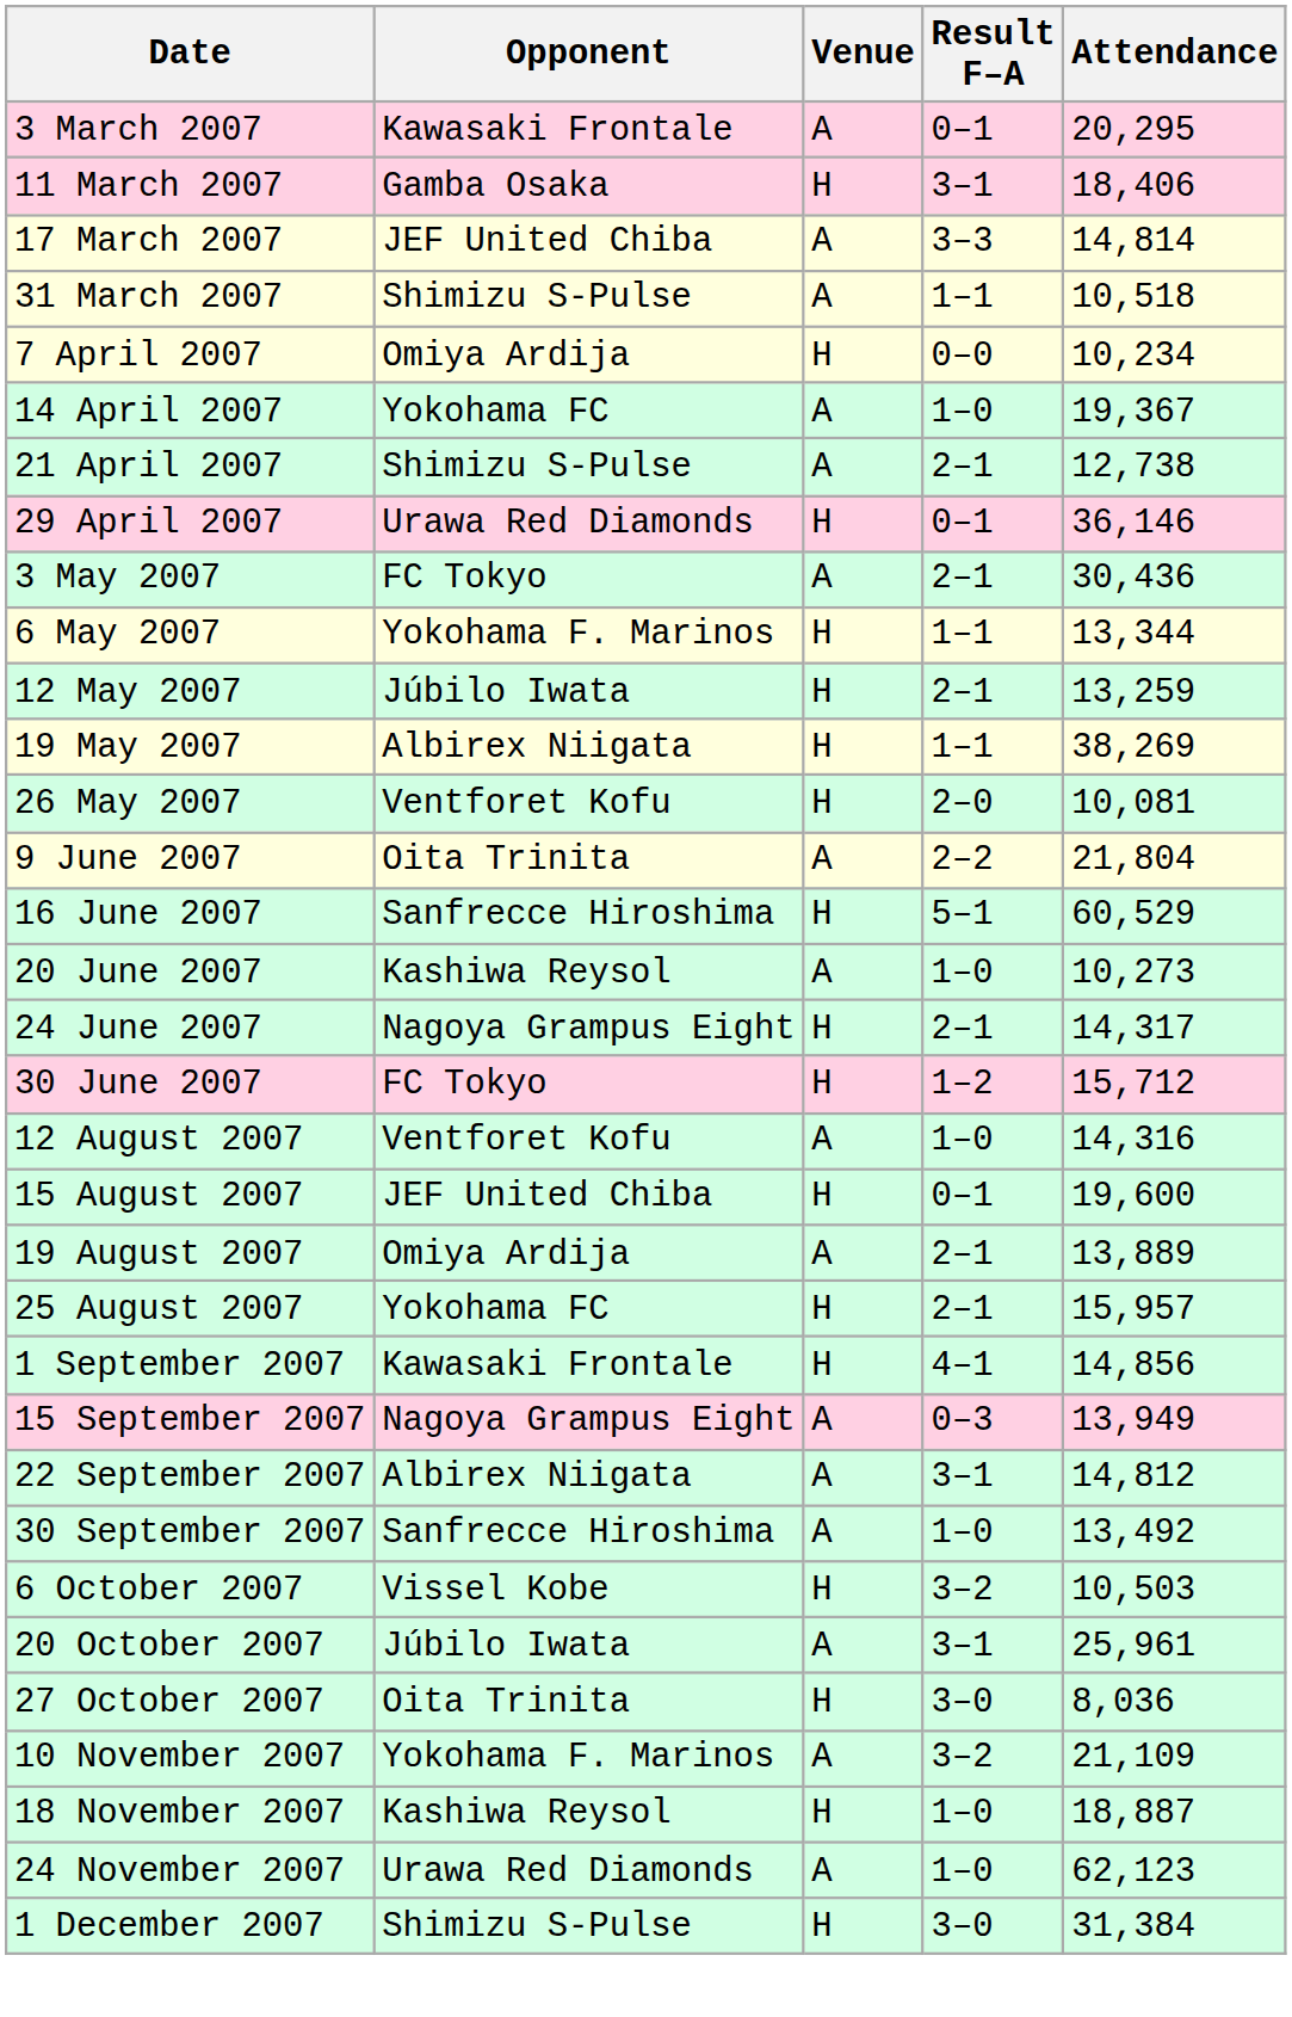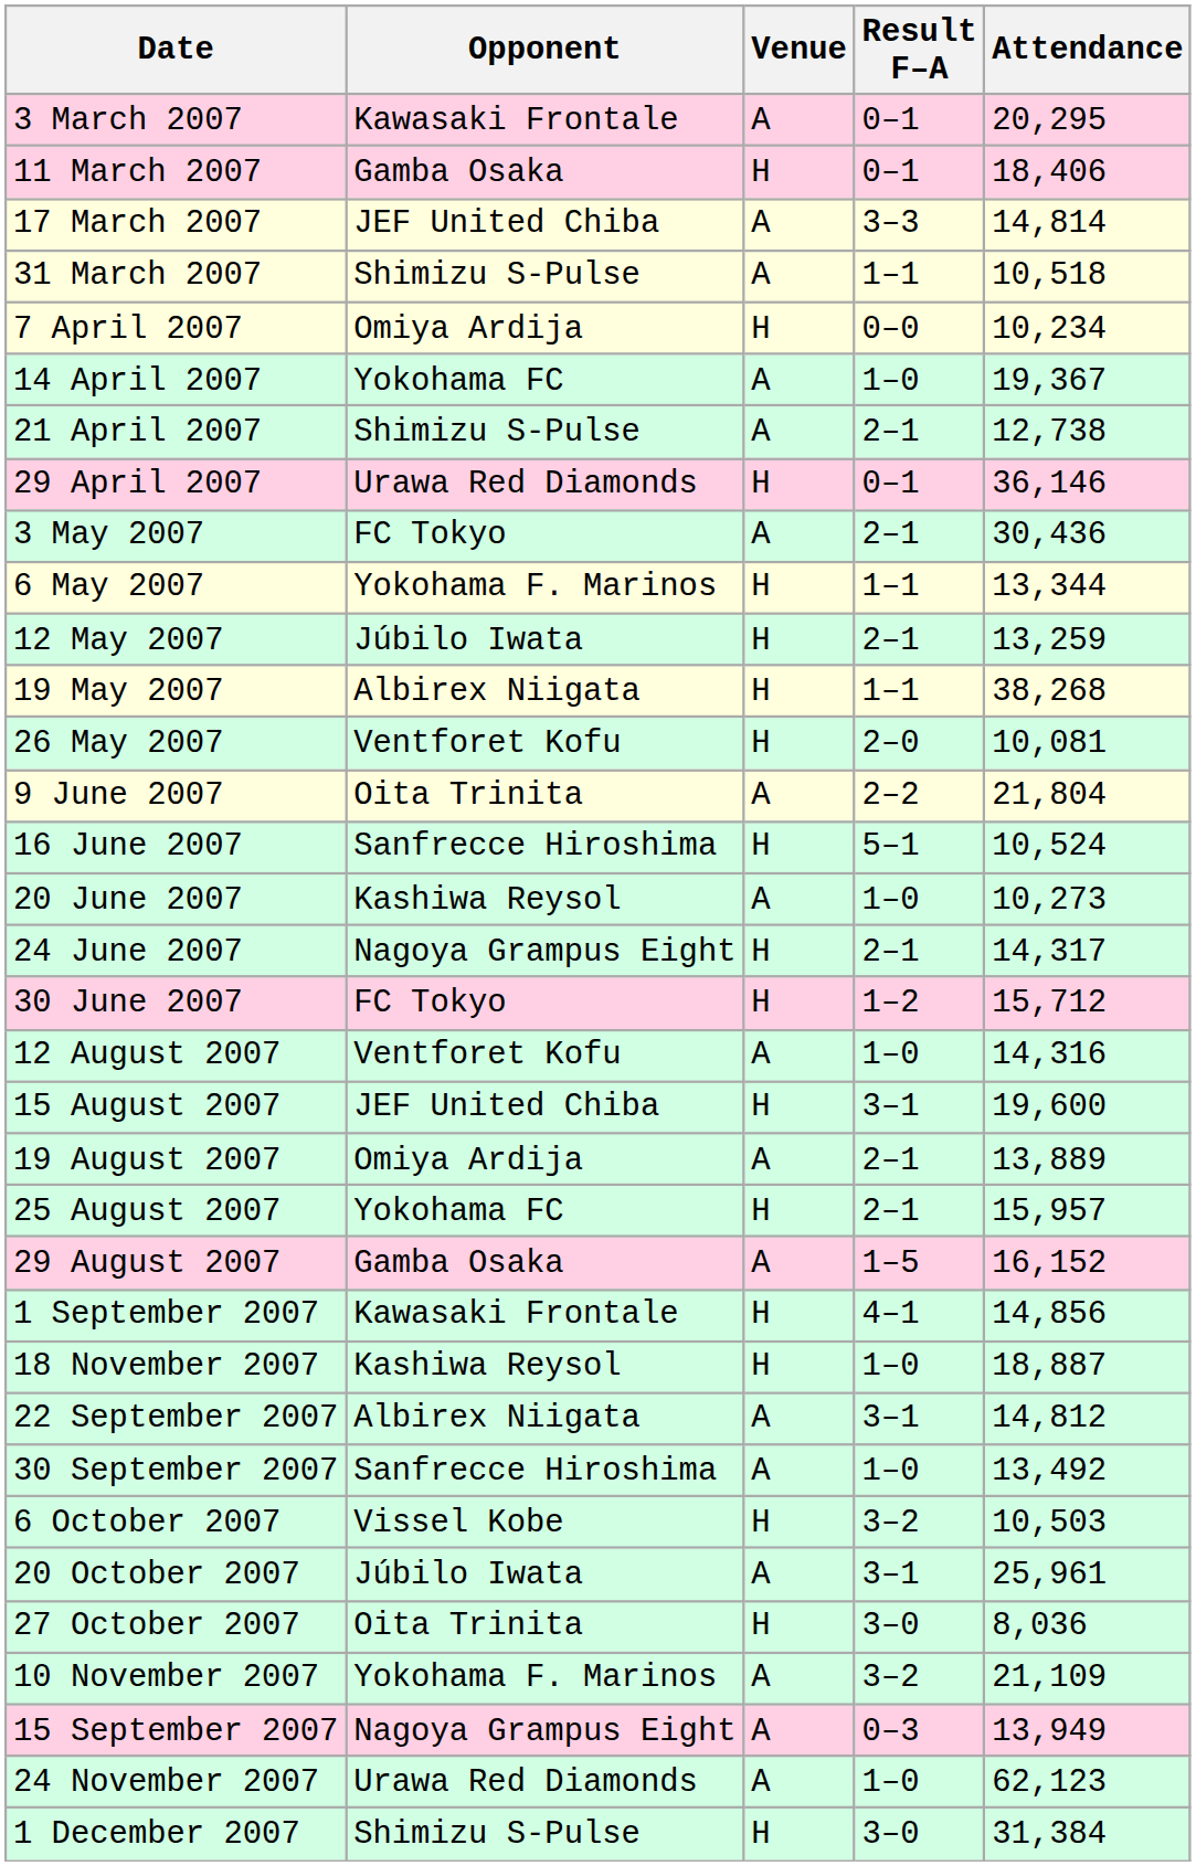 <table class="wikitable sortable">
 <tr>
 <th>Date</th>
 <th>Opponent</th>
 <th>Venue</th>
 <th>Result<br>F–A</th>
 <th>Attendance</th>
 </tr>
 <tr bgcolor="ffd0e3">
 <td>3 March 2007</td>
 <td>Kawasaki Frontale</td>
 <td>A</td>
 <td>0–1</td>
 <td>20,295</td>
 </tr>
 <tr bgcolor="ffd0e3">
 <td>11 March 2007</td>
 <td>Gamba Osaka</td>
 <td>H</td>
-<td>3–1</td>
+<td>0–1</td>
 <td>18,406</td>
 </tr>
 <tr bgcolor="ffffdd">
 <td>17 March 2007</td>
 <td>JEF United Chiba</td>
 <td>A</td>
 <td>3–3</td>
 <td>14,814</td>
 </tr>
 <tr bgcolor="ffffdd">
 <td>31 March 2007</td>
 <td>Shimizu S-Pulse</td>
 <td>A</td>
 <td>1–1</td>
 <td>10,518</td>
 </tr>
 <tr bgcolor="ffffdd">
 <td>7 April 2007</td>
 <td>Omiya Ardija</td>
 <td>H</td>
 <td>0–0</td>
 <td>10,234</td>
 </tr>
 <tr bgcolor="d0ffe3">
 <td>14 April 2007</td>
 <td>Yokohama FC</td>
 <td>A</td>
 <td>1–0</td>
 <td>19,367</td>
 </tr>
 <tr bgcolor="d0ffe3">
 <td>21 April 2007</td>
 <td>Shimizu S-Pulse</td>
 <td>A</td>
 <td>2–1</td>
 <td>12,738</td>
 </tr>
 <tr bgcolor="ffd0e3">
 <td>29 April 2007</td>
 <td>Urawa Red Diamonds</td>
 <td>H</td>
 <td>0–1</td>
 <td>36,146</td>
 </tr>
 <tr bgcolor="d0ffe3">
 <td>3 May 2007</td>
 <td>FC Tokyo</td>
 <td>A</td>
 <td>2–1</td>
 <td>30,436</td>
 </tr>
 <tr bgcolor="ffffdd">
 <td>6 May 2007</td>
 <td>Yokohama F. Marinos</td>
 <td>H</td>
 <td>1–1</td>
 <td>13,344</td>
 </tr>
 <tr bgcolor="d0ffe3">
 <td>12 May 2007</td>
 <td>Júbilo Iwata</td>
 <td>H</td>
 <td>2–1</td>
 <td>13,259</td>
 </tr>
 <tr bgcolor="ffffdd">
 <td>19 May 2007</td>
 <td>Albirex Niigata</td>
 <td>H</td>
 <td>1–1</td>
-<td>38,269</td>
+<td>38,268</td>
 </tr>
 <tr bgcolor="d0ffe3">
 <td>26 May 2007</td>
 <td>Ventforet Kofu</td>
 <td>H</td>
 <td>2–0</td>
 <td>10,081</td>
 </tr>
 <tr bgcolor="ffffdd">
 <td>9 June 2007</td>
 <td>Oita Trinita</td>
 <td>A</td>
 <td>2–2</td>
 <td>21,804</td>
 </tr>
 <tr bgcolor="d0ffe3">
 <td>16 June 2007</td>
 <td>Sanfrecce Hiroshima</td>
 <td>H</td>
 <td>5–1</td>
-<td>60,529</td>
+<td>10,524</td>
 </tr>
 <tr bgcolor="d0ffe3">
 <td>20 June 2007</td>
 <td>Kashiwa Reysol</td>
 <td>A</td>
 <td>1–0</td>
 <td>10,273</td>
 </tr>
 <tr bgcolor="d0ffe3">
 <td>24 June 2007</td>
 <td>Nagoya Grampus Eight</td>
 <td>H</td>
 <td>2–1</td>
 <td>14,317</td>
 </tr>
 <tr bgcolor="ffd0e3">
 <td>30 June 2007</td>
 <td>FC Tokyo</td>
 <td>H</td>
 <td>1–2</td>
 <td>15,712</td>
 </tr>
 <tr bgcolor="d0ffe3">
 <td>12 August 2007</td>
 <td>Ventforet Kofu</td>
 <td>A</td>
 <td>1–0</td>
 <td>14,316</td>
 </tr>
 <tr bgcolor="d0ffe3">
 <td>15 August 2007</td>
 <td>JEF United Chiba</td>
 <td>H</td>
-<td>0–1</td>
+<td>3–1</td>
 <td>19,600</td>
 </tr>
 <tr bgcolor="d0ffe3">
 <td>19 August 2007</td>
 <td>Omiya Ardija</td>
 <td>A</td>
 <td>2–1</td>
 <td>13,889</td>
 </tr>
 <tr bgcolor="d0ffe3">
 <td>25 August 2007</td>
 <td>Yokohama FC</td>
 <td>H</td>
 <td>2–1</td>
 <td>15,957</td>
 </tr>
+<tr bgcolor="ffd0e3">
+<td>29 August 2007</td>
+<td>Gamba Osaka</td>
+<td>A</td>
+<td>1–5</td>
+<td>16,152</td>
+</tr>
 <tr bgcolor="d0ffe3">
 <td>1 September 2007</td>
 <td>Kawasaki Frontale</td>
 <td>H</td>
 <td>4–1</td>
 <td>14,856</td>
 </tr>
-<tr bgcolor="ffd0e3">
-<td>15 September 2007</td>
-<td>Nagoya Grampus Eight</td>
-<td>A</td>
-<td>0–3</td>
-<td>13,949</td>
+<tr bgcolor="d0ffe3">
+<td>18 November 2007</td>
+<td>Kashiwa Reysol</td>
+<td>H</td>
+<td>1–0</td>
+<td>18,887</td>
 </tr>
 <tr bgcolor="d0ffe3">
 <td>22 September 2007</td>
 <td>Albirex Niigata</td>
 <td>A</td>
 <td>3–1</td>
 <td>14,812</td>
 </tr>
 <tr bgcolor="d0ffe3">
 <td>30 September 2007</td>
 <td>Sanfrecce Hiroshima</td>
 <td>A</td>
 <td>1–0</td>
 <td>13,492</td>
 </tr>
 <tr bgcolor="d0ffe3">
 <td>6 October 2007</td>
 <td>Vissel Kobe</td>
 <td>H</td>
 <td>3–2</td>
 <td>10,503</td>
 </tr>
 <tr bgcolor="d0ffe3">
 <td>20 October 2007</td>
 <td>Júbilo Iwata</td>
 <td>A</td>
 <td>3–1</td>
 <td>25,961</td>
 </tr>
 <tr bgcolor="d0ffe3">
 <td>27 October 2007</td>
 <td>Oita Trinita</td>
 <td>H</td>
 <td>3–0</td>
 <td>8,036</td>
 </tr>
 <tr bgcolor="d0ffe3">
 <td>10 November 2007</td>
 <td>Yokohama F. Marinos</td>
 <td>A</td>
 <td>3–2</td>
 <td>21,109</td>
 </tr>
-<tr bgcolor="d0ffe3">
-<td>18 November 2007</td>
-<td>Kashiwa Reysol</td>
-<td>H</td>
-<td>1–0</td>
-<td>18,887</td>
+<tr bgcolor="ffd0e3">
+<td>15 September 2007</td>
+<td>Nagoya Grampus Eight</td>
+<td>A</td>
+<td>0–3</td>
+<td>13,949</td>
 </tr>
 <tr bgcolor="d0ffe3">
 <td>24 November 2007</td>
 <td>Urawa Red Diamonds</td>
 <td>A</td>
 <td>1–0</td>
 <td>62,123</td>
 </tr>
 <tr bgcolor="d0ffe3">
 <td>1 December 2007</td>
 <td>Shimizu S-Pulse</td>
 <td>H</td>
 <td>3–0</td>
 <td>31,384</td>
 </tr>
 </table>
